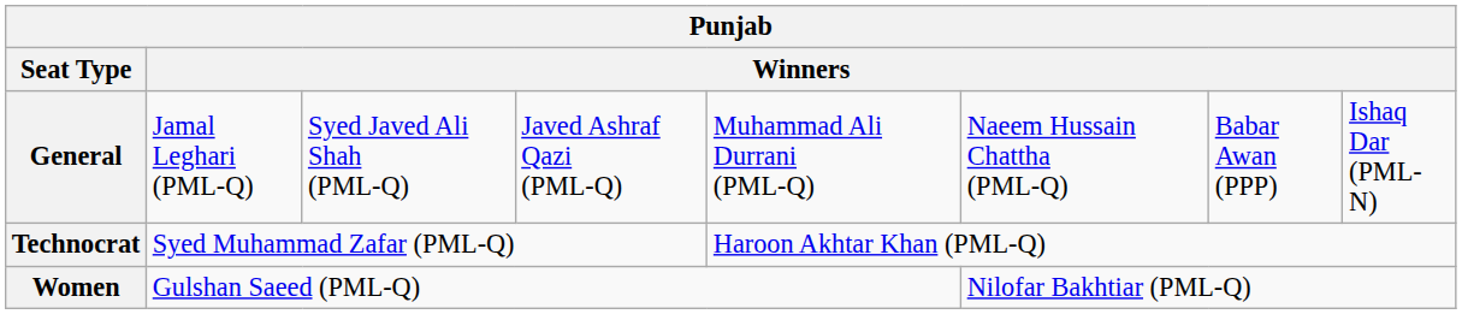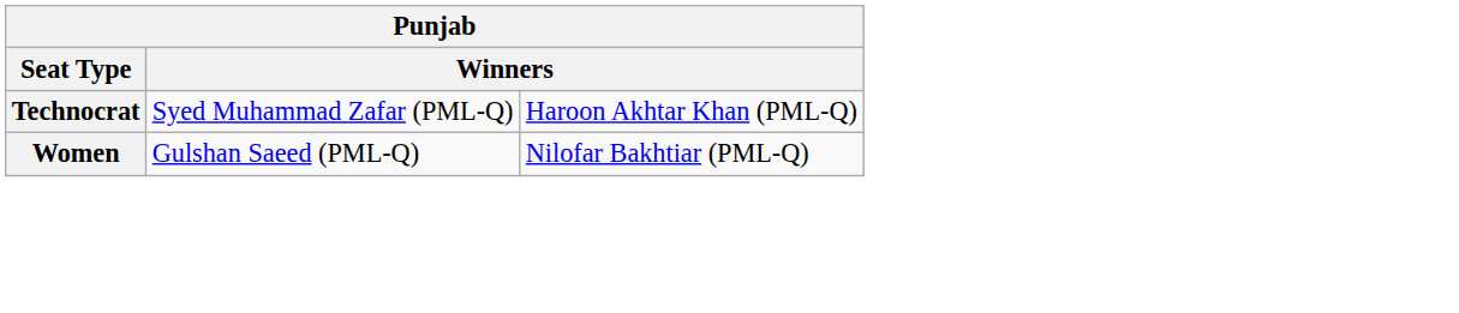 <table class="wikitable">
 <tr>
 <th colspan="8">Punjab</th>
 </tr>
 <tr>
 <th>Seat Type</th>
 <th colspan="7">Winners</th>
-</tr>
-<tr>
-<th>General</th>
-<td style="background:"><a href='#'>Jamal Leghari</a><br>(PML-Q)</td>
-<td style="background:"><a href='#'>Syed Javed Ali Shah</a><br>(PML-Q)</td>
-<td style="background:"><a href='#'>Javed Ashraf Qazi</a><br>(PML-Q)</td>
-<td style="background:"><a href='#'>Muhammad Ali Durrani</a><br>(PML-Q)</td>
-<td style="background:"><a href='#'>Naeem Hussain Chattha</a><br>(PML-Q)</td>
-<td style="background:"><a href='#'>Babar Awan</a><br>(PPP)</td>
-<td style="background:"><a href='#'>Ishaq Dar</a><br>(PML-N)</td>
 </tr>
 <tr>
 <th>Technocrat</th>
 <td colspan="3" style="background:"><a href='#'>Syed Muhammad Zafar</a> (PML-Q)</td>
 <td colspan="4" style="background:"><a href='#'>Haroon Akhtar Khan</a> (PML-Q)</td>
 </tr>
 <tr>
 <th>Women</th>
 <td colspan="4" style="background:"><a href='#'>Gulshan Saeed</a> (PML-Q)</td>
 <td colspan="3" style="background:"><a href='#'>Nilofar Bakhtiar</a> (PML-Q)</td>
 </tr>
 </table>
